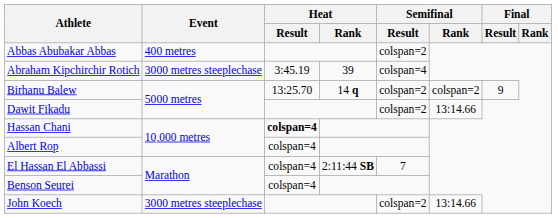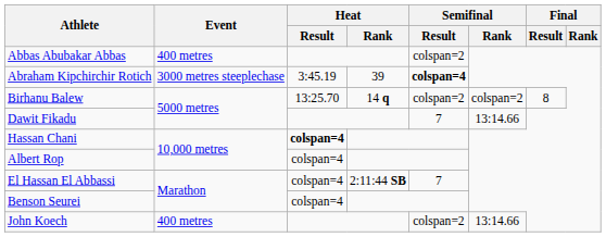 <table class="wikitable"  style=font-size:90%>
 <tr>
 <th rowspan="2">Athlete</th>
 <th rowspan="2">Event</th>
 <th colspan="2">Heat</th>
 <th colspan="2">Semifinal</th>
 <th colspan="2">Final</th>
 </tr>
 <tr>
 <th>Result</th>
 <th>Rank</th>
 <th>Result</th>
 <th>Rank</th>
 <th>Result</th>
 <th>Rank</th>
 </tr>
 <tr style=text-align:center>
 <td style=text-align:left><a href='#'>Abbas Abubakar Abbas</a></td>
 <td style=text-align:left><a href='#'>400 metres</a></td>
 <td colspan=2></td>
 <td>colspan=2</td>
 </tr>
 <tr style=text-align:center>
 <td style=text-align:left><a href='#'>Abraham Kipchirchir Rotich</a></td>
 <td style=text-align:left><a href='#'>3000 metres steeplechase</a></td>
 <td>3:45.19</td>
 <td>39</td>
-<td>colspan=4</td>
+<td><strong>colspan=4</strong></td>
 </tr>
 <tr style=text-align:center>
 <td style=text-align:left><a href='#'>Birhanu Balew</a></td>
 <td style=text-align:left rowspan=2><a href='#'>5000 metres</a></td>
 <td>13:25.70</td>
 <td>14 <strong>q</strong></td>
 <td>colspan=2</td>
 <td>colspan=2</td>
-<td>9</td>
+<td>8</td>
 </tr>
 <tr style=text-align:center>
 <td style=text-align:left><a href='#'>Dawit Fikadu</a></td>
 <td colspan=2></td>
-<td>colspan=2</td>
+<td>7</td>
 <td>13:14.66</td>
 </tr>
 <tr style=text-align:center>
 <td style=text-align:left><a href='#'>Hassan Chani</a></td>
 <td style=text-align:left rowspan=2><a href='#'>10,000 metres</a></td>
 <td><strong>colspan=4</strong></td>
 <td colspan=2></td>
 </tr>
 <tr style=text-align:center>
 <td style=text-align:left><a href='#'>Albert Rop</a></td>
 <td>colspan=4</td>
 <td colspan=2></td>
 </tr>
 <tr style=text-align:center>
 <td style=text-align:left><a href='#'>El Hassan El Abbassi</a></td>
 <td style=text-align:left rowspan=2><a href='#'>Marathon</a></td>
 <td>colspan=4</td>
 <td>2:11:44 <strong>SB</strong></td>
 <td>7</td>
 </tr>
 <tr style=text-align:center>
 <td style=text-align:left><a href='#'>Benson Seurei</a></td>
 <td>colspan=4</td>
 <td colspan=2></td>
 </tr>
 <tr style=text-align:center>
 <td style=text-align:left><a href='#'>John Koech</a></td>
-<td style=text-align:left><a href='#'>3000 metres steeplechase</a></td>
+<td style=text-align:left><a href='#'>400 metres</a></td>
 <td colspan=2></td>
 <td>colspan=2</td>
 <td>13:14.66</td>
 </tr>
 </table>
